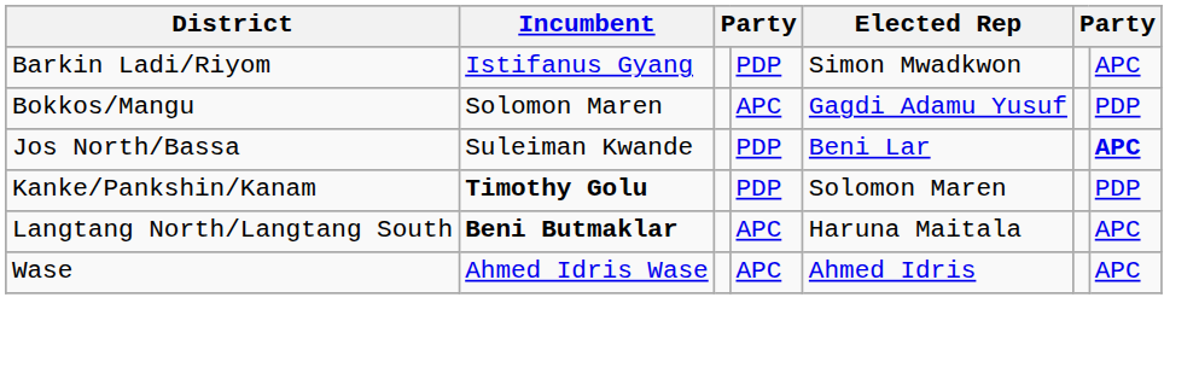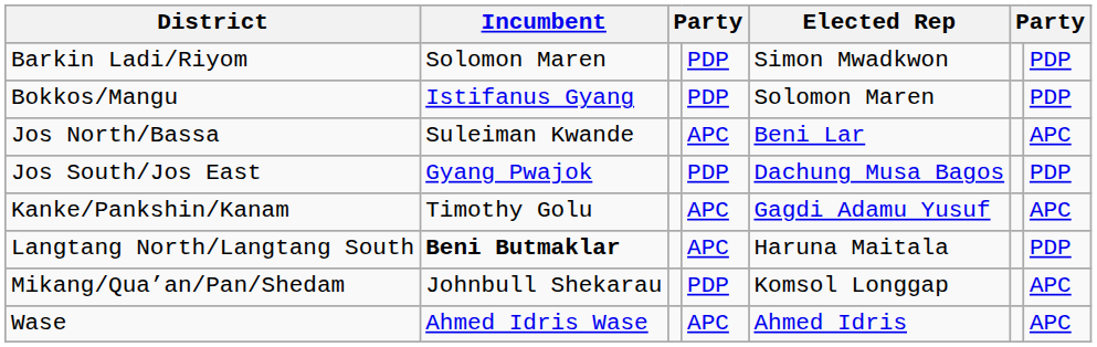 <table class="sortable wikitable" style="font-size:95%;line-height:14px;">
 <tr>
 <th class="unsortable">District</th>
 <th class="unsortable"><a href='#'>Incumbent</a></th>
 <th colspan="2">Party</th>
 <th class="unsortable">Elected Rep</th>
 <th colspan="2">Party</th>
 </tr>
 <tr>
 <td>Barkin Ladi/Riyom</td>
-<td><a href='#'>Istifanus Gyang</a></td>
+<td>Solomon Maren</td>
 <td style="background:"></td>
 <td><a href='#'>PDP</a></td>
 <td>Simon Mwadkwon</td>
 <td style="background:"></td>
-<td><a href='#'>APC</a></td>
+<td><a href='#'>PDP</a></td>
 </tr>
 <tr>
 <td>Bokkos/Mangu</td>
+<td><a href='#'>Istifanus Gyang</a></td>
+<td style="background:"></td>
+<td><a href='#'>PDP</a></td>
 <td>Solomon Maren</td>
-<td style="background:"></td>
-<td><a href='#'>APC</a></td>
-<td><a href='#'>Gagdi Adamu Yusuf</a></td>
 <td style="background:"></td>
 <td><a href='#'>PDP</a></td>
 </tr>
 <tr>
 <td>Jos North/Bassa</td>
 <td>Suleiman Kwande</td>
 <td style="background:"></td>
-<td><a href='#'>PDP</a></td>
+<td><a href='#'>APC</a></td>
 <td><a href='#'>Beni Lar</a></td>
 <td style="background:"></td>
-<td><strong><a href='#'>APC</a></strong></td>
+<td><a href='#'>APC</a></td>
+</tr>
+<tr>
+<td>Jos South/Jos East</td>
+<td><a href='#'>Gyang Pwajok</a></td>
+<td style="background:"></td>
+<td><a href='#'>PDP</a></td>
+<td><a href='#'>Dachung Musa Bagos</a></td>
+<td style="background:"></td>
+<td><a href='#'>PDP</a></td>
 </tr>
 <tr>
 <td>Kanke/Pankshin/Kanam</td>
-<td><strong>Timothy Golu</strong></td>
+<td>Timothy Golu</td>
 <td style="background:"></td>
-<td><a href='#'>PDP</a></td>
-<td>Solomon Maren</td>
+<td><a href='#'>APC</a></td>
+<td><a href='#'>Gagdi Adamu Yusuf</a></td>
 <td style="background:"></td>
-<td><a href='#'>PDP</a></td>
+<td><a href='#'>APC</a></td>
 </tr>
 <tr>
 <td>Langtang North/Langtang South</td>
 <td><strong>Beni Butmaklar</strong></td>
 <td style="background:"></td>
 <td><a href='#'>APC</a></td>
 <td>Haruna Maitala</td>
+<td style="background:"></td>
+<td><a href='#'>PDP</a></td>
+</tr>
+<tr>
+<td>Mikang/Qua’an/Pan/Shedam</td>
+<td>Johnbull Shekarau</td>
+<td style="background:"></td>
+<td><a href='#'>PDP</a></td>
+<td>Komsol Longgap</td>
 <td style="background:"></td>
 <td><a href='#'>APC</a></td>
 </tr>
 <tr>
 <td>Wase</td>
 <td><a href='#'>Ahmed Idris Wase</a></td>
 <td style="background:"></td>
 <td><a href='#'>APC</a></td>
 <td><a href='#'>Ahmed Idris</a></td>
 <td style="background:"></td>
 <td><a href='#'>APC</a></td>
 </tr>
 </table>
